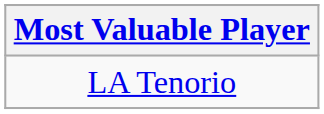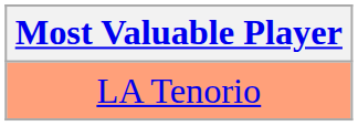 <table class=wikitable style="text-align:center; margin:auto">
 <tr>
 <th><a href='#'>Most Valuable Player</a></th>
 </tr>
 <tr>
-<td><a href='#'>LA Tenorio</a></td>
+<td style="background: lightsalmon;"><a href='#'>LA Tenorio</a></td>
 </tr>
 </table>
